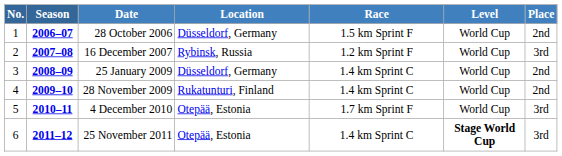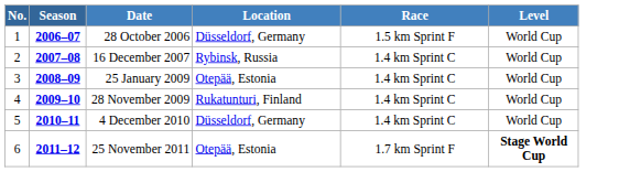 <table class="wikitable sortable" style="font-size:95%; text-align:center; border:grey solid 1px; border-collapse:collapse; background:#ffffff;">
 <tr style="background:#efefef;">
 <th style="background-color:#369; color:white;">No.</th>
 <th style="background-color:#369; color:white;">Season</th>
 <th style="background-color:#4180be; color:white; width:120px;">Date</th>
 <th style="background-color:#4180be; color:white; width:170px;">Location</th>
 <th style="background-color:#4180be; color:white; width:170px;">Race</th>
 <th style="background-color:#4180be; color:white; width:100px;">Level</th>
-<th style="background-color:#4180be; color:white;">Place</th>
 </tr>
 <tr>
 <td align=center>1</td>
 <td rowspan=1 align=center><strong> <a href='#'>2006–07</a> </strong></td>
 <td align=right>28 October 2006</td>
 <td align=left> <a href='#'>Düsseldorf</a>, Germany</td>
 <td>1.5 km Sprint F</td>
 <td>World Cup</td>
-<td>2nd</td>
 </tr>
 <tr>
 <td align=center>2</td>
 <td rowspan=1 align=center><strong> <a href='#'>2007–08</a> </strong></td>
 <td align=right>16 December 2007</td>
 <td align=left> <a href='#'>Rybinsk</a>, Russia</td>
-<td>1.2 km Sprint F</td>
+<td>1.4 km Sprint C</td>
 <td>World Cup</td>
-<td>3rd</td>
 </tr>
 <tr>
 <td align=center>3</td>
 <td rowspan=1 align=center><strong> <a href='#'>2008–09</a> </strong></td>
 <td align=right>25 January 2009</td>
-<td align=left> <a href='#'>Düsseldorf</a>, Germany</td>
+<td align=left> <a href='#'>Otepää</a>, Estonia</td>
 <td>1.4 km Sprint C</td>
 <td>World Cup</td>
-<td>2nd</td>
 </tr>
 <tr>
 <td align=center>4</td>
 <td rowspan=1 align=center><strong> <a href='#'>2009–10</a> </strong></td>
 <td align=right>28 November 2009</td>
 <td align=left> <a href='#'>Rukatunturi</a>, Finland</td>
 <td>1.4 km Sprint C</td>
 <td>World Cup</td>
-<td>2nd</td>
 </tr>
 <tr>
 <td align=center>5</td>
 <td rowspan=1 align=center><strong> <a href='#'>2010–11</a> </strong></td>
 <td align=right>4 December 2010</td>
-<td align=left> <a href='#'>Otepää</a>, Estonia</td>
-<td>1.7 km Sprint F</td>
+<td align=left> <a href='#'>Düsseldorf</a>, Germany</td>
+<td>1.4 km Sprint C</td>
 <td>World Cup</td>
-<td>3rd</td>
 </tr>
 <tr>
 <td align=center>6</td>
 <td rowspan=1 align=center><strong> <a href='#'>2011–12</a> </strong></td>
 <td align=right>25 November 2011</td>
 <td align=left> <a href='#'>Otepää</a>, Estonia</td>
-<td>1.4 km Sprint C</td>
+<td>1.7 km Sprint F</td>
 <td><strong>Stage World Cup</strong></td>
-<td>3rd</td>
 </tr>
 </table>
